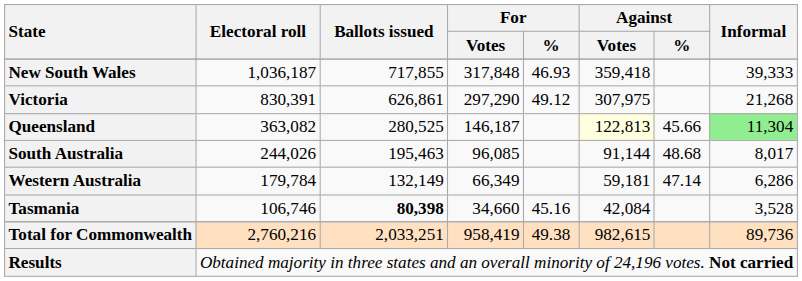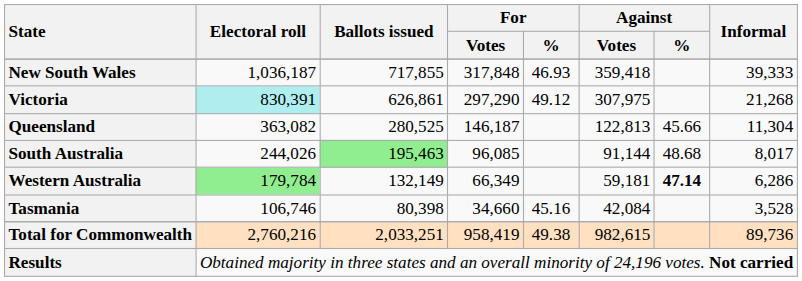 <table class="wikitable">
 <tr ---->
 <th style="text-align:left;" rowSpan="2">State</th>
 <th rowSpan="2">Electoral roll</th>
 <th rowSpan="2">Ballots issued</th>
 <th colSpan="2">For</th>
 <th colSpan="2">Against</th>
 <th rowSpan="2">Informal</th>
 </tr>
 <tr ---->
 <th>Votes</th>
 <th>%</th>
 <th>Votes</th>
 <th>%</th>
 </tr>
 <tr ---- align="right">
 </tr>
 <tr ---->
 <th style="text-align:left;">New South Wales</th>
 <td align="right">1,036,187</td>
 <td align="right">717,855</td>
 <td align="right">317,848</td>
 <td align="middle">46.93</td>
 <td align="right">359,418</td>
 <td></td>
 <td align="right">39,333</td>
 </tr>
 <tr ---->
 <th style="text-align:left;">Victoria</th>
-<td align="right">830,391</td>
+<td align="right" style="background: paleturquoise;">830,391</td>
 <td align="right">626,861</td>
 <td align="right">297,290</td>
 <td align="middle">49.12</td>
 <td align="right">307,975</td>
 <td></td>
 <td align="right">21,268</td>
 </tr>
 <tr ---->
 <th style="text-align:left;">Queensland</th>
 <td align="right">363,082</td>
 <td align="right">280,525</td>
 <td align="right">146,187</td>
 <td></td>
-<td align="right" style="background: lightyellow;">122,813</td>
+<td align="right">122,813</td>
 <td align="middle">45.66</td>
-<td align="right" style="background: lightgreen;">11,304</td>
+<td align="right">11,304</td>
 </tr>
 <tr ---->
 <th style="text-align:left;">South Australia</th>
 <td align="right">244,026</td>
-<td align="right">195,463</td>
+<td align="right" style="background: lightgreen;">195,463</td>
 <td align="right">96,085</td>
 <td></td>
 <td align="right">91,144</td>
 <td align="middle">48.68</td>
 <td align="right">8,017</td>
 </tr>
 <tr ---->
 <th style="text-align:left;">Western Australia</th>
-<td align="right">179,784</td>
+<td align="right" style="background: lightgreen;">179,784</td>
 <td align="right">132,149</td>
 <td align="right">66,349</td>
 <td></td>
 <td align="right">59,181</td>
-<td align="middle">47.14</td>
+<td align="middle"><strong>47.14</strong></td>
 <td align="right">6,286</td>
 </tr>
 <tr ---->
 <th style="text-align:left;">Tasmania</th>
 <td align="right">106,746</td>
-<td align="right"><strong>80,398</strong></td>
+<td align="right">80,398</td>
 <td align="right">34,660</td>
 <td align="middle">45.16</td>
 <td align="right">42,084</td>
 <td></td>
 <td align="right">3,528</td>
 </tr>
 <tr ---->
 </tr>
 <tr bgcolor=#FFE0C0 align="right">
 <th style="text-align:left;">Total for Commonwealth</th>
 <td noWrap align="right">2,760,216</td>
 <td noWrap align="right">2,033,251</td>
 <td noWrap align="right">958,419</td>
 <td noWrap align="middle">49.38</td>
 <td noWrap align="right">982,615</td>
 <td></td>
 <td noWrap align="right">89,736</td>
 </tr>
 <tr ---->
 <th style="text-align:left;">Results</th>
 <td colSpan="8"><em>Obtained majority in three states and an overall minority of 24,196 votes.</em> <strong>Not carried</strong></td>
 </tr>
 </table>
